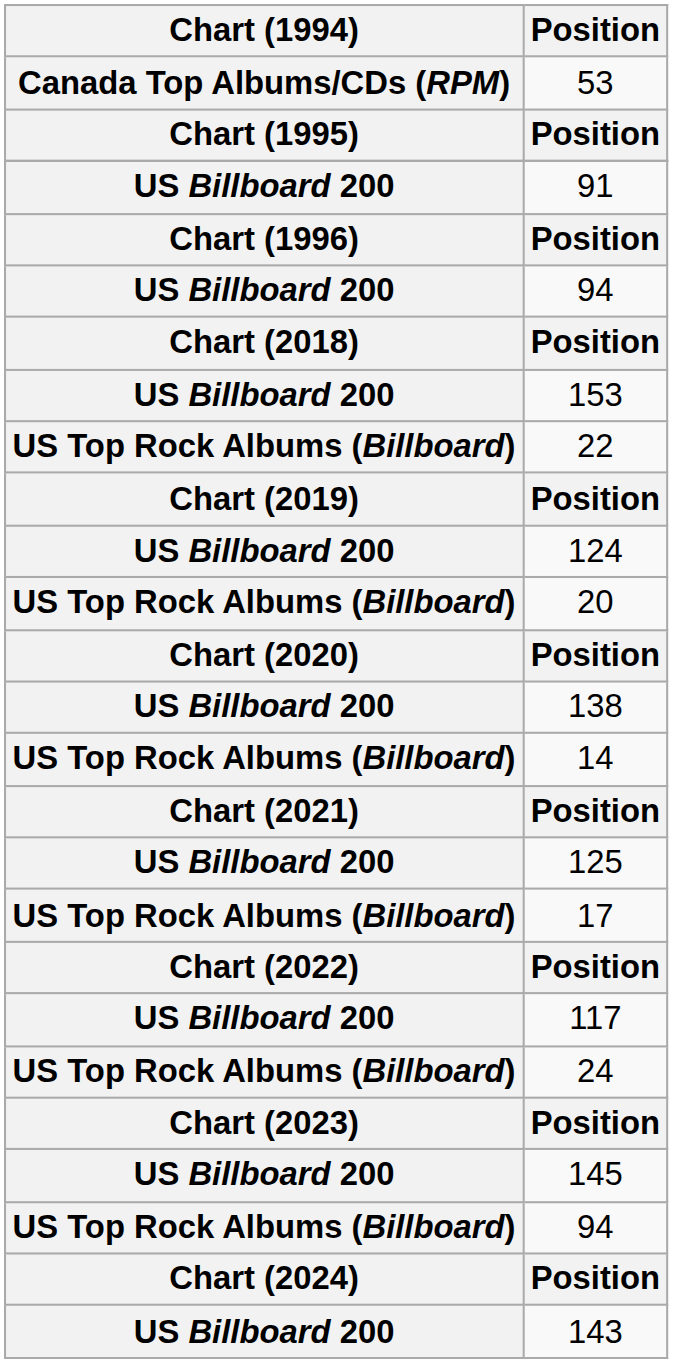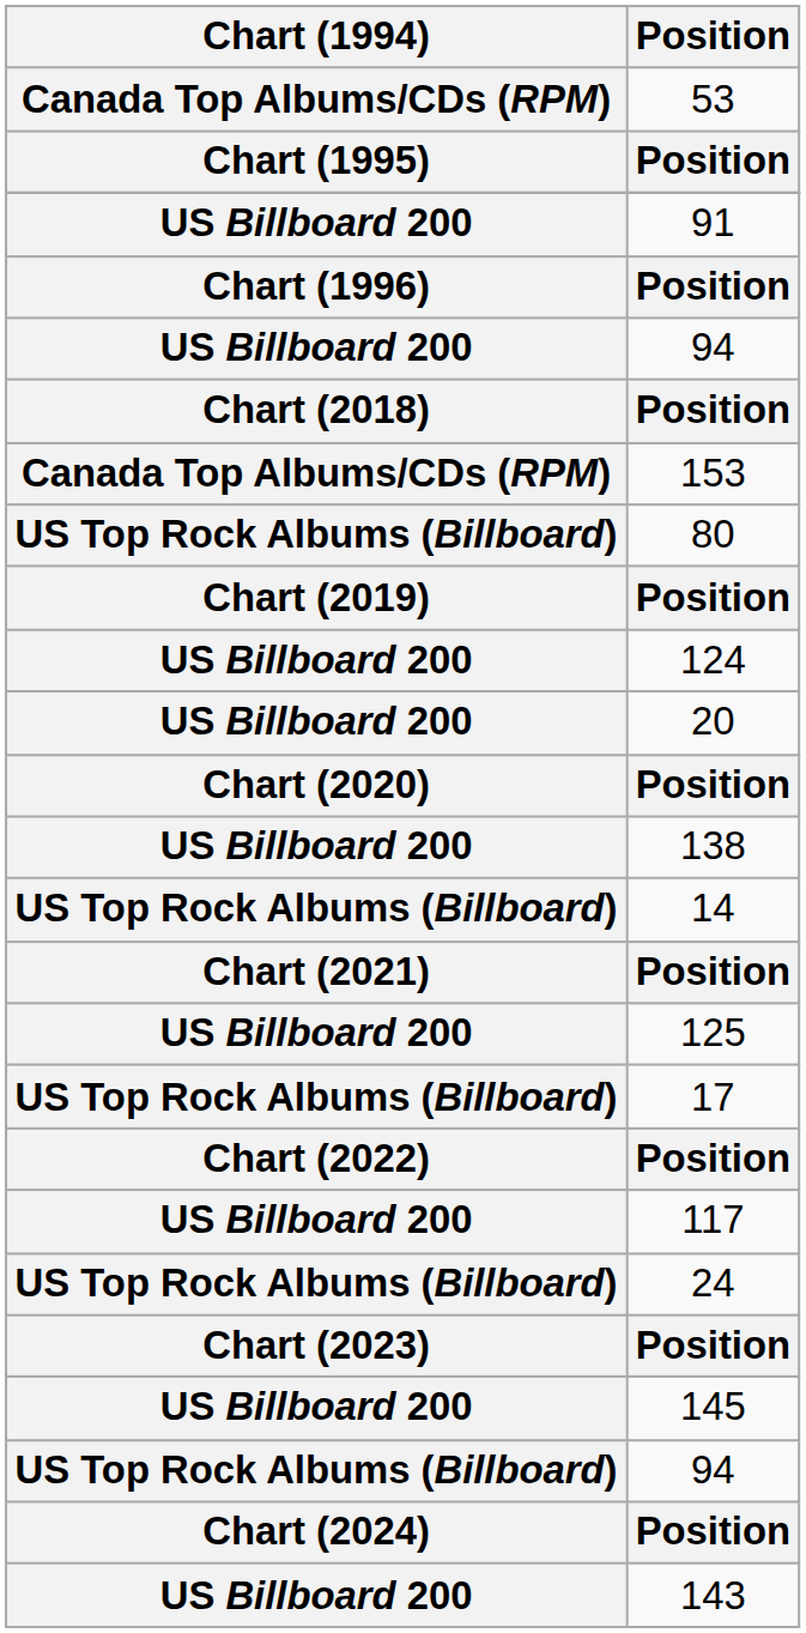 <table class="wikitable plainrowheaders" style="text-align:center">
 <tr>
 <th scope="col">Chart (1994)</th>
 <th scope="col">Position</th>
 </tr>
 <tr>
 <th scope="row">Canada Top Albums/CDs (<em>RPM</em>)</th>
 <td>53</td>
 </tr>
 <tr>
 <th scope="col">Chart (1995)</th>
 <th scope="col">Position</th>
 </tr>
 <tr>
 </tr>
 <tr>
 <th scope="row">US <em>Billboard</em> 200</th>
 <td>91</td>
 </tr>
 <tr>
 <th scope="col">Chart (1996)</th>
 <th scope="col">Position</th>
 </tr>
 <tr>
 <th scope="row">US <em>Billboard</em> 200</th>
 <td>94</td>
 </tr>
 <tr>
 <th scope="col">Chart (2018)</th>
 <th scope="col">Position</th>
 </tr>
 <tr>
-<th scope="row">US <em>Billboard</em> 200</th>
+<th scope="row">Canada Top Albums/CDs (<em>RPM</em>)</th>
 <td>153</td>
 </tr>
 <tr>
 <th scope="row">US Top Rock Albums (<em>Billboard</em>)</th>
-<td>22</td>
+<td>80</td>
 </tr>
 <tr>
 <th scope="col">Chart (2019)</th>
 <th scope="col">Position</th>
 </tr>
 <tr>
 <th scope="row">US <em>Billboard</em> 200</th>
 <td>124</td>
 </tr>
 <tr>
-<th scope="row">US Top Rock Albums (<em>Billboard</em>)</th>
+<th scope="row">US <em>Billboard</em> 200</th>
 <td>20</td>
 </tr>
 <tr>
 <th scope="col">Chart (2020)</th>
 <th scope="col">Position</th>
 </tr>
 <tr>
 <th scope="row">US <em>Billboard</em> 200</th>
 <td>138</td>
 </tr>
 <tr>
 <th scope="row">US Top Rock Albums (<em>Billboard</em>)</th>
 <td>14</td>
 </tr>
 <tr>
 <th scope="col">Chart (2021)</th>
 <th scope="col">Position</th>
 </tr>
 <tr>
 <th scope="row">US <em>Billboard</em> 200</th>
 <td>125</td>
 </tr>
 <tr>
 <th scope="row">US Top Rock Albums (<em>Billboard</em>)</th>
 <td>17</td>
 </tr>
 <tr>
 <th scope="col">Chart (2022)</th>
 <th scope="col">Position</th>
 </tr>
 <tr>
 <th scope="row">US <em>Billboard</em> 200</th>
 <td>117</td>
 </tr>
 <tr>
 <th scope="row">US Top Rock Albums (<em>Billboard</em>)</th>
 <td>24</td>
 </tr>
 <tr>
 <th scope="col">Chart (2023)</th>
 <th scope="col">Position</th>
 </tr>
 <tr>
 <th scope="row">US <em>Billboard</em> 200</th>
 <td>145</td>
 </tr>
 <tr>
 <th scope="row">US Top Rock Albums (<em>Billboard</em>)</th>
 <td>94</td>
 </tr>
 <tr>
 <th scope="col">Chart (2024)</th>
 <th scope="col">Position</th>
 </tr>
 <tr>
 <th scope="row">US <em>Billboard</em> 200</th>
 <td>143</td>
 </tr>
 </table>
